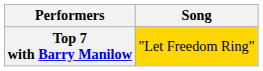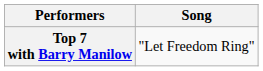 <table class="wikitable unsortable" style="text-align:center;">
 <tr>
 <th scope="col">Performers</th>
 <th scope="col">Song</th>
 </tr>
 <tr>
 <th scope="row">Top 7<br>with <a href='#'>Barry Manilow</a></th>
-<td style="background: gold;">"Let Freedom Ring"</td>
+<td>"Let Freedom Ring"</td>
 </tr>
 </table>
